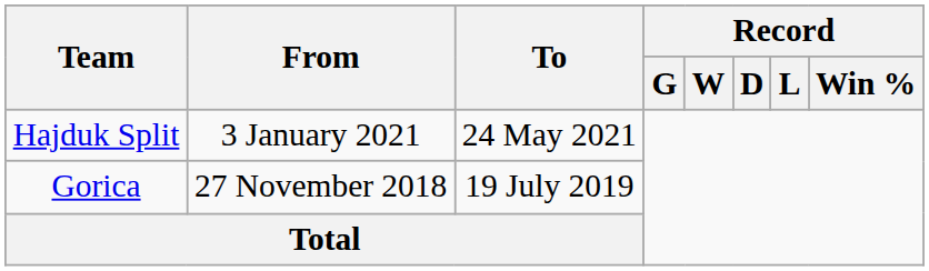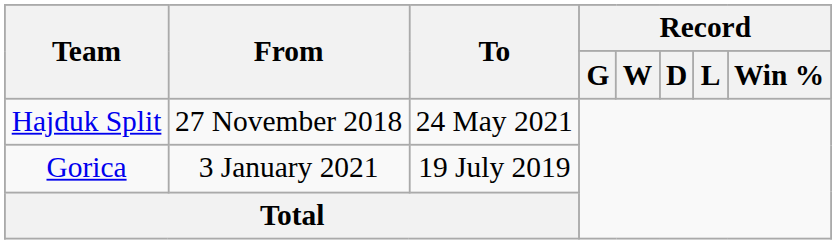 <table class="wikitable" style="text-align: center">
 <tr>
 <th rowspan="2">Team</th>
 <th rowspan="2">From</th>
 <th rowspan="2">To</th>
 <th colspan="8">Record</th>
 </tr>
 <tr>
 <th>G</th>
 <th>W</th>
 <th>D</th>
 <th>L</th>
 <th>Win %</th>
 </tr>
 <tr>
 <td><a href='#'>Hajduk Split</a></td>
-<td>3 January 2021</td>
+<td>27 November 2018</td>
 <td>24 May 2021<br></td>
 </tr>
 <tr>
 <td><a href='#'>Gorica</a></td>
-<td>27 November 2018</td>
+<td>3 January 2021</td>
 <td>19 July 2019<br></td>
 </tr>
 <tr>
 <th colspan="3">Total<br></th>
 </tr>
 </table>
